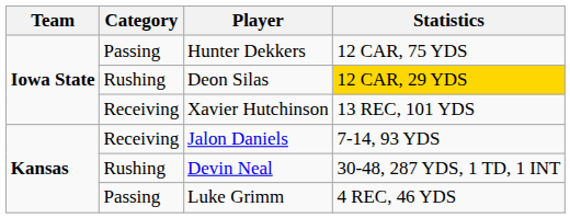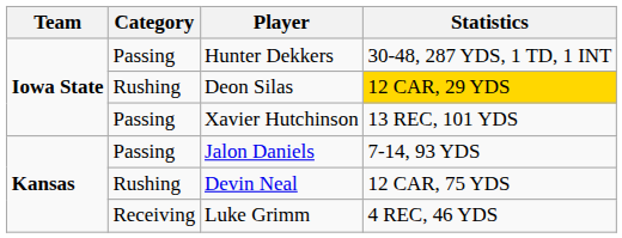 <table class="wikitable" style="float: right;">
 <tr>
 <th>Team</th>
 <th>Category</th>
 <th>Player</th>
 <th>Statistics</th>
 </tr>
 <tr>
 <td rowspan=3><strong>Iowa State</strong></td>
 <td>Passing</td>
 <td>Hunter Dekkers</td>
-<td>12 CAR, 75 YDS</td>
+<td>30-48, 287 YDS, 1 TD, 1 INT</td>
 </tr>
 <tr>
 <td>Rushing</td>
 <td>Deon Silas</td>
 <td style="background: gold;">12 CAR, 29 YDS</td>
 </tr>
 <tr>
-<td>Receiving</td>
+<td>Passing</td>
 <td>Xavier Hutchinson</td>
 <td>13 REC, 101 YDS</td>
 </tr>
 <tr>
 <td rowspan=3><strong>Kansas</strong></td>
-<td>Receiving</td>
+<td>Passing</td>
 <td><a href='#'>Jalon Daniels</a></td>
 <td>7-14, 93 YDS</td>
 </tr>
 <tr>
 <td>Rushing</td>
 <td><a href='#'>Devin Neal</a></td>
-<td>30-48, 287 YDS, 1 TD, 1 INT</td>
+<td>12 CAR, 75 YDS</td>
 </tr>
 <tr>
-<td>Passing</td>
+<td>Receiving</td>
 <td>Luke Grimm</td>
 <td>4 REC, 46 YDS</td>
 </tr>
 </table>
